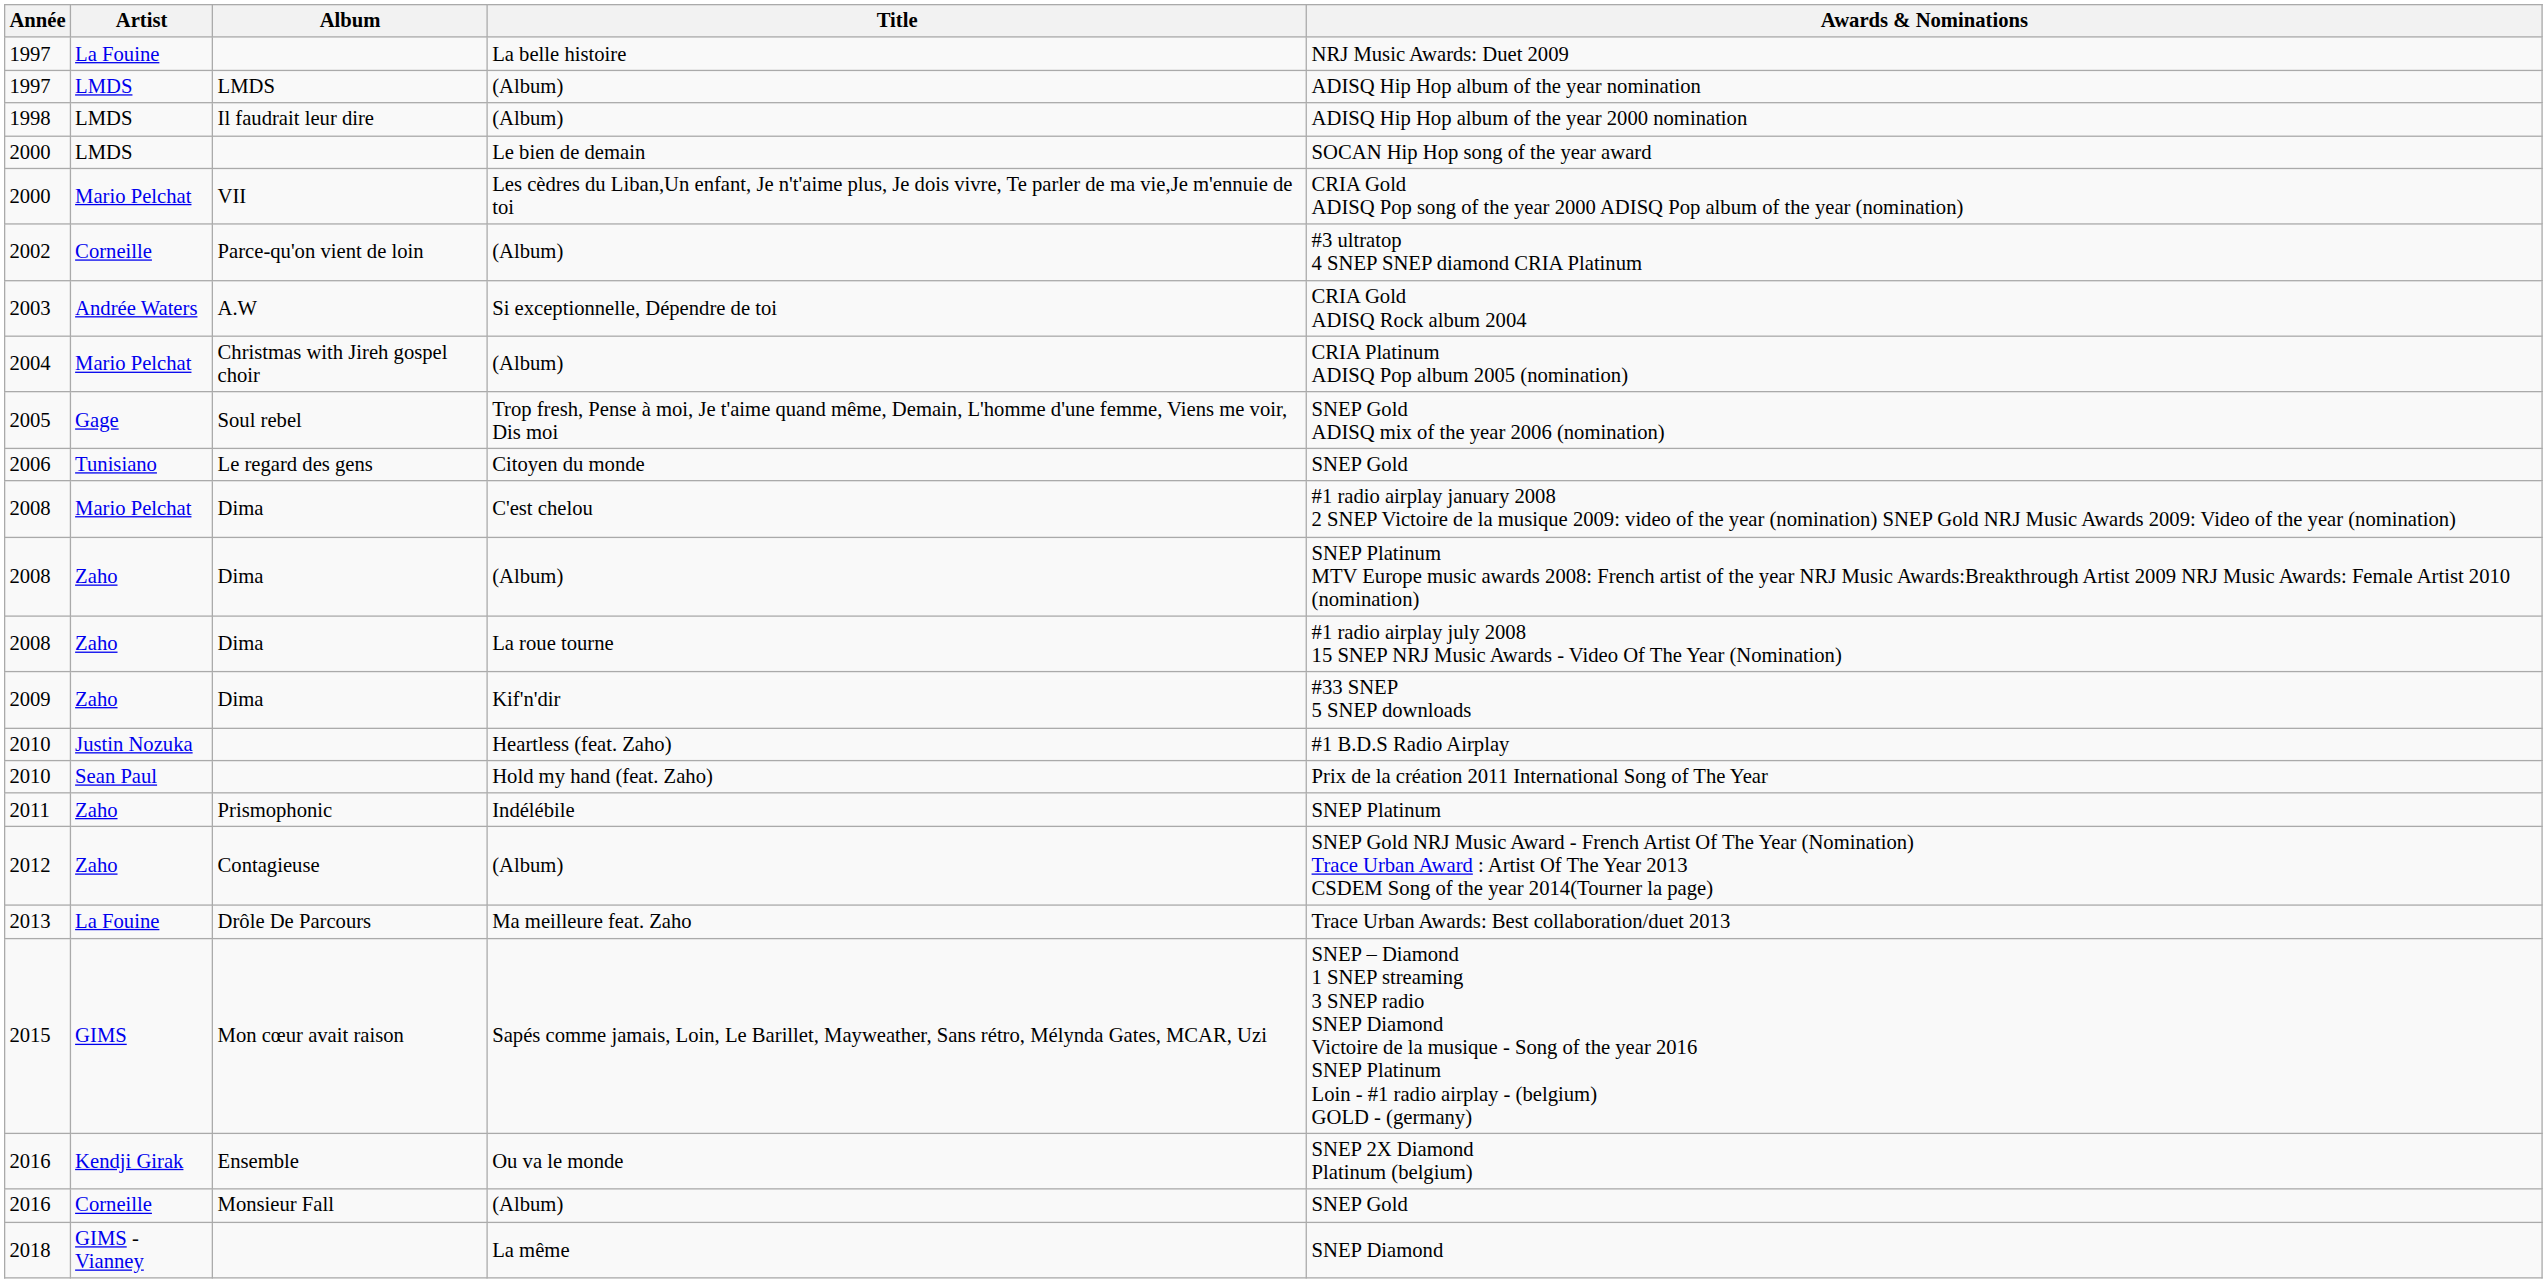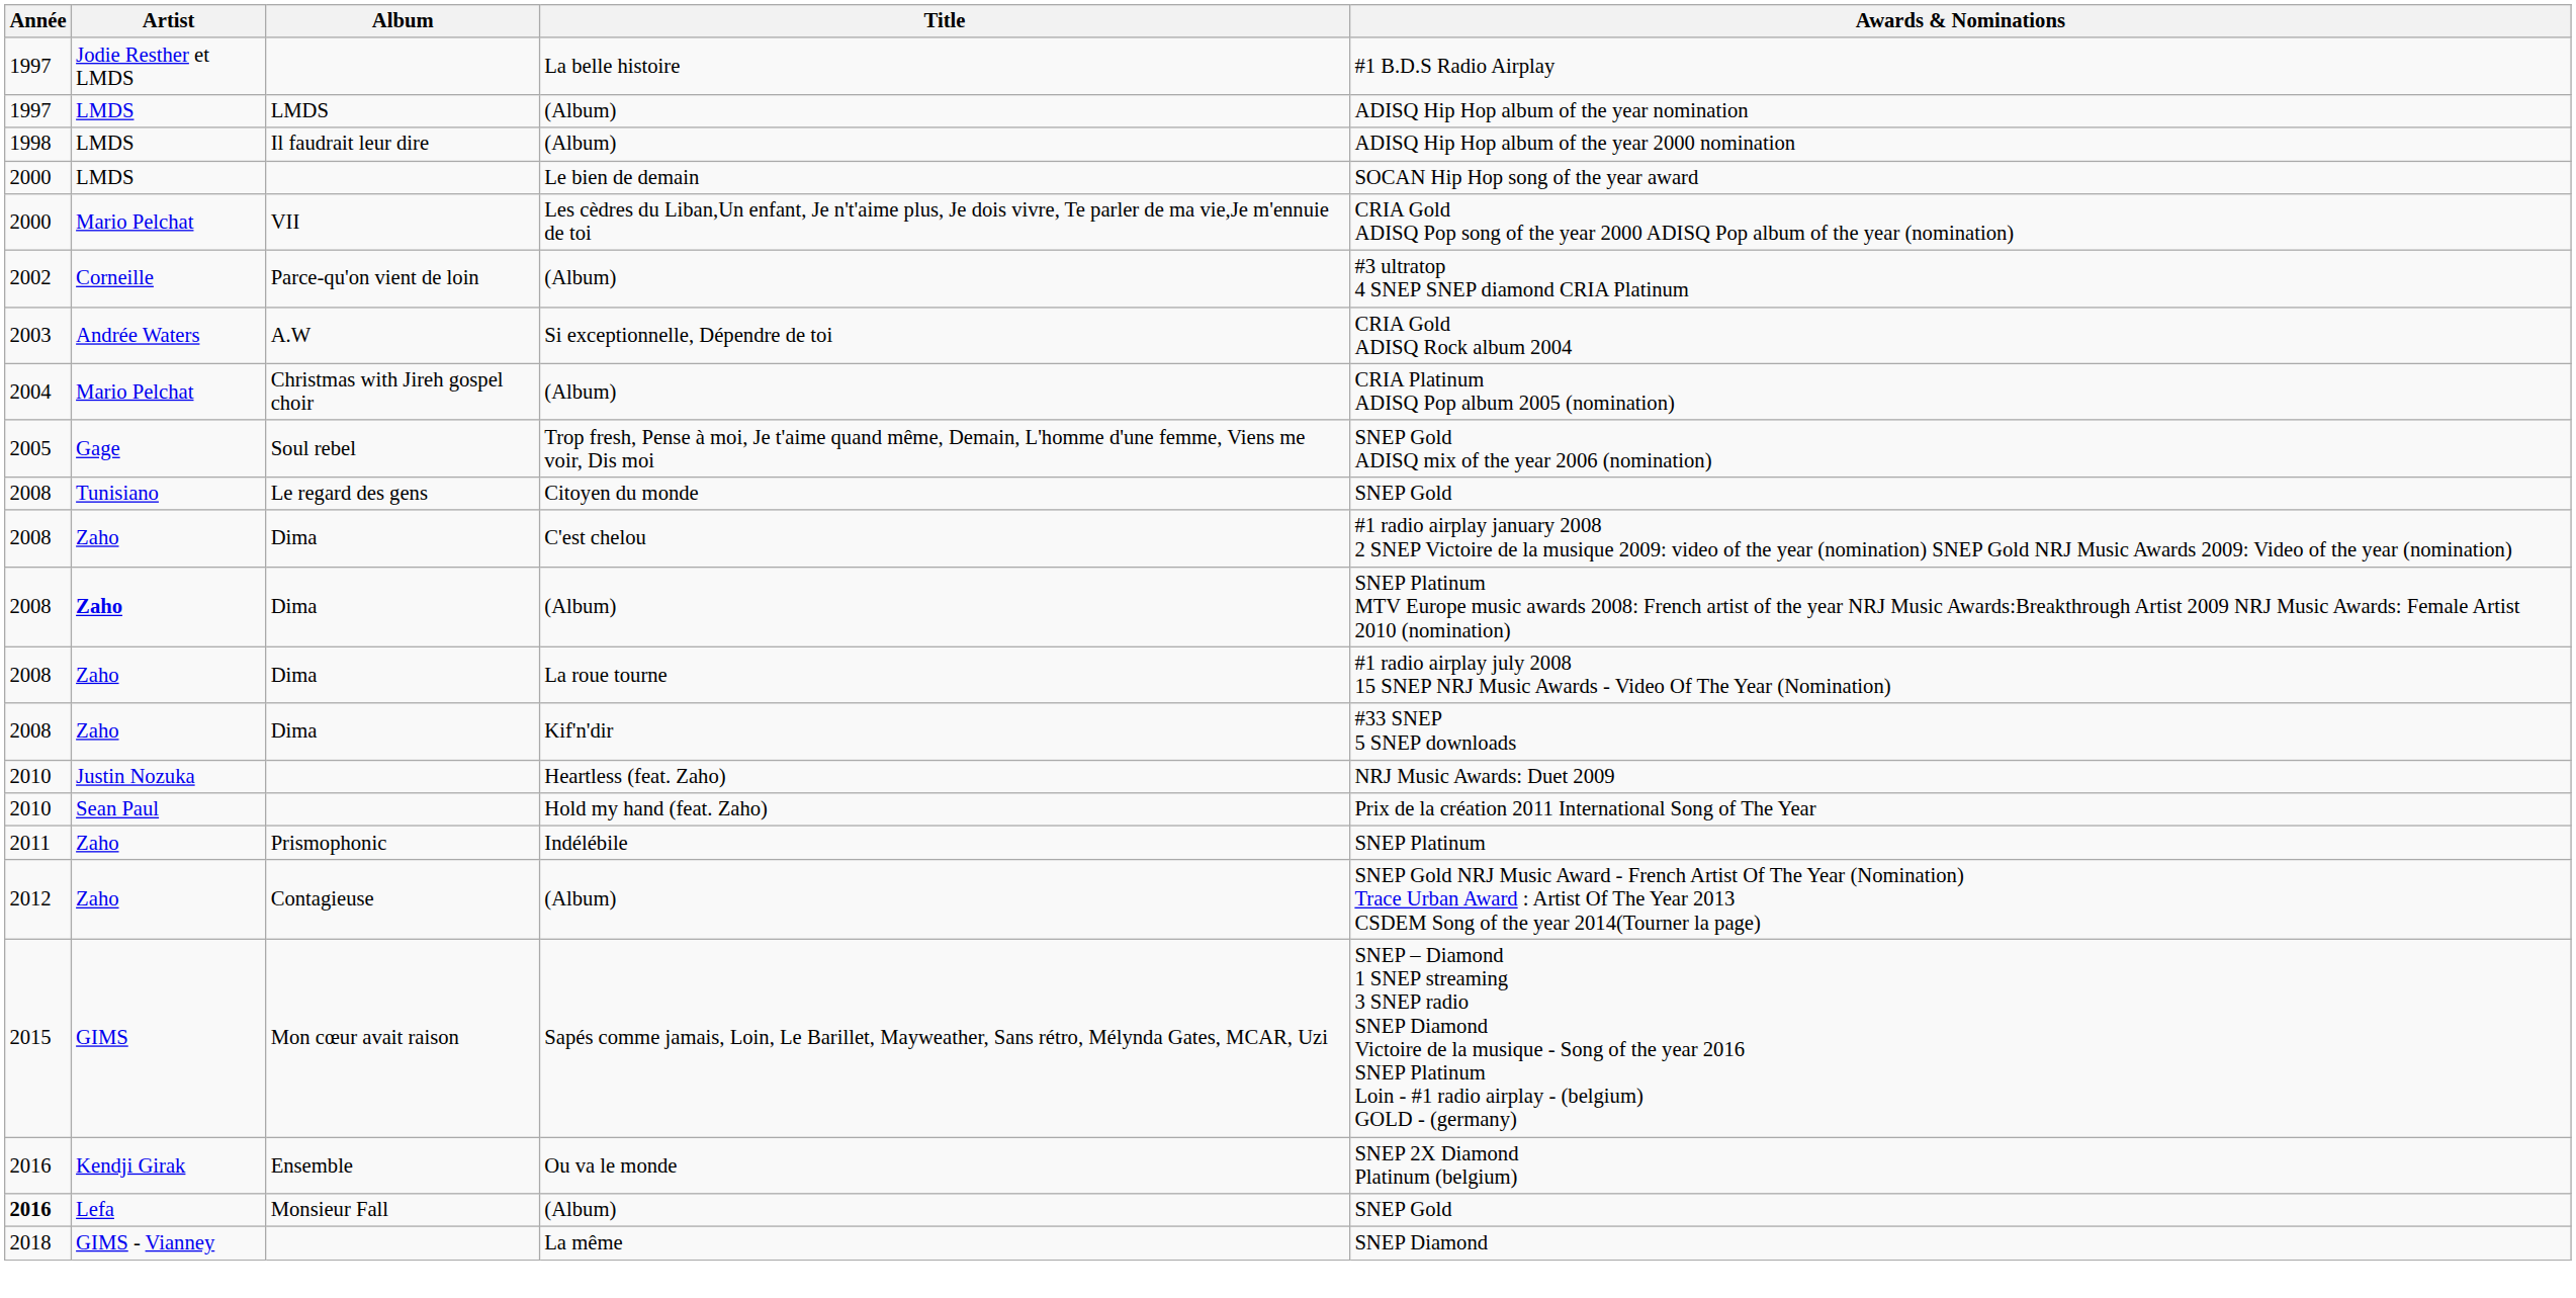 <table class="wikitable">
 <tr>
 <th>Année</th>
 <th>Artist</th>
 <th>Album</th>
 <th>Title</th>
 <th>Awards & Nominations</th>
 </tr>
 <tr>
 <td>1997</td>
-<td><a href='#'>La Fouine</a></td>
+<td><a href='#'>Jodie Resther</a> et LMDS</td>
 <td></td>
 <td>La belle histoire</td>
-<td>NRJ Music Awards: Duet 2009</td>
+<td>#1 B.D.S Radio Airplay</td>
 </tr>
 <tr>
 <td>1997</td>
 <td><a href='#'>LMDS</a></td>
 <td>LMDS</td>
 <td>(Album)</td>
 <td>ADISQ Hip Hop album of the year nomination</td>
 </tr>
 <tr>
 <td>1998</td>
 <td>LMDS</td>
 <td>Il faudrait leur dire</td>
 <td>(Album)</td>
 <td>ADISQ Hip Hop album of the year 2000 nomination</td>
 </tr>
 <tr>
 <td>2000</td>
 <td>LMDS</td>
 <td></td>
 <td>Le bien de demain</td>
 <td>SOCAN Hip Hop song of the year award</td>
 </tr>
 <tr>
 <td>2000</td>
 <td><a href='#'>Mario Pelchat</a></td>
 <td>VII</td>
 <td>Les cèdres du Liban,Un enfant, Je n't'aime plus, Je dois vivre, Te parler de ma vie,Je m'ennuie de toi</td>
 <td>CRIA Gold<br>ADISQ Pop song of the year 2000  ADISQ Pop album of the year  (nomination)</td>
 </tr>
 <tr>
 <td>2002</td>
 <td><a href='#'>Corneille</a></td>
 <td>Parce-qu'on vient de loin</td>
 <td>(Album)</td>
 <td>#3 ultratop<br>4 SNEP SNEP diamond CRIA Platinum</td>
 </tr>
 <tr>
 <td>2003</td>
 <td><a href='#'>Andrée Waters</a></td>
 <td>A.W</td>
 <td>Si exceptionnelle, Dépendre de toi</td>
 <td>CRIA Gold<br>ADISQ Rock album 2004</td>
 </tr>
 <tr>
 <td>2004</td>
 <td><a href='#'>Mario Pelchat</a></td>
 <td>Christmas with Jireh gospel choir</td>
 <td>(Album)</td>
 <td>CRIA Platinum<br>ADISQ Pop album 2005 (nomination)</td>
 </tr>
 <tr>
 <td>2005</td>
 <td><a href='#'>Gage</a></td>
 <td>Soul rebel</td>
 <td>Trop fresh, Pense à moi, Je t'aime quand même, Demain, L'homme d'une femme, Viens me voir, Dis moi</td>
 <td>SNEP Gold<br>ADISQ mix of the year 2006 (nomination)</td>
 </tr>
 <tr>
-<td>2006</td>
+<td>2008</td>
 <td><a href='#'>Tunisiano</a></td>
 <td>Le regard des gens</td>
 <td>Citoyen du monde</td>
 <td>SNEP Gold</td>
 </tr>
 <tr>
 <td>2008</td>
-<td><a href='#'>Mario Pelchat</a></td>
+<td><a href='#'>Zaho</a></td>
 <td>Dima</td>
 <td>C'est chelou</td>
 <td>#1 radio airplay january 2008<br>2 SNEP Victoire de la musique 2009: video of the year (nomination) SNEP Gold NRJ Music Awards 2009: Video of the year (nomination)</td>
 </tr>
 <tr>
 <td>2008</td>
-<td><a href='#'>Zaho</a></td>
+<td><strong><a href='#'>Zaho</a></strong></td>
 <td>Dima</td>
 <td>(Album)</td>
 <td>SNEP Platinum<br>MTV Europe music awards 2008: French artist of the year NRJ Music Awards:Breakthrough Artist 2009 NRJ Music Awards: Female Artist 2010 (nomination)<br></td>
 </tr>
 <tr>
 <td>2008</td>
 <td><a href='#'>Zaho</a></td>
 <td>Dima</td>
 <td>La roue tourne</td>
 <td>#1 radio airplay july 2008<br>15 SNEP NRJ Music Awards - Video Of The Year (Nomination)</td>
 </tr>
 <tr>
-<td>2009</td>
+<td>2008</td>
 <td><a href='#'>Zaho</a></td>
 <td>Dima</td>
 <td>Kif'n'dir</td>
 <td>#33 SNEP<br>5 SNEP downloads</td>
 </tr>
 <tr>
 <td>2010</td>
 <td><a href='#'>Justin Nozuka</a></td>
 <td></td>
 <td>Heartless (feat. Zaho)</td>
-<td>#1 B.D.S Radio Airplay</td>
+<td>NRJ Music Awards: Duet 2009</td>
 </tr>
 <tr>
 <td>2010</td>
 <td><a href='#'>Sean Paul</a></td>
 <td></td>
 <td>Hold my hand (feat. Zaho)</td>
 <td>Prix de la création 2011 International Song of The Year</td>
 </tr>
 <tr>
 <td>2011</td>
 <td><a href='#'>Zaho</a></td>
 <td>Prismophonic</td>
 <td>Indélébile</td>
 <td>SNEP Platinum</td>
 </tr>
 <tr>
 <td>2012</td>
 <td><a href='#'>Zaho</a></td>
 <td>Contagieuse</td>
 <td>(Album)</td>
 <td>SNEP Gold NRJ Music Award - French Artist Of The Year (Nomination)<br><a href='#'>Trace Urban Award</a> : Artist Of The Year 2013<br>CSDEM Song of the year 2014(Tourner la page)</td>
 </tr>
 <tr>
-<td>2013</td>
-<td><a href='#'>La Fouine</a></td>
-<td>Drôle De Parcours</td>
-<td>Ma meilleure feat. Zaho</td>
-<td>Trace Urban Awards: Best collaboration/duet 2013</td>
-</tr>
-<tr>
 <td>2015</td>
 <td><a href='#'>GIMS</a></td>
 <td>Mon cœur avait raison</td>
 <td>Sapés comme jamais, Loin, Le Barillet, Mayweather, Sans rétro, Mélynda Gates, MCAR, Uzi</td>
 <td>SNEP – Diamond<br>1 SNEP streaming<br>3 SNEP radio<br>SNEP Diamond<br>Victoire de la musique - Song of the year 2016<br>SNEP Platinum<br>Loin - #1 radio airplay -  (belgium)<br>GOLD - (germany)</td>
 </tr>
 <tr>
 <td>2016</td>
 <td><a href='#'>Kendji Girak</a></td>
 <td>Ensemble</td>
 <td>Ou va le monde</td>
 <td>SNEP 2X Diamond<br>Platinum (belgium)</td>
 </tr>
 <tr>
-<td>2016</td>
-<td><a href='#'>Corneille</a></td>
+<td><strong>2016</strong></td>
+<td><a href='#'>Lefa</a></td>
 <td>Monsieur Fall</td>
 <td>(Album)</td>
 <td>SNEP Gold</td>
 </tr>
 <tr>
 <td>2018</td>
 <td><a href='#'>GIMS</a> - <a href='#'>Vianney</a></td>
 <td></td>
 <td>La même</td>
 <td>SNEP Diamond</td>
 </tr>
 </table>
